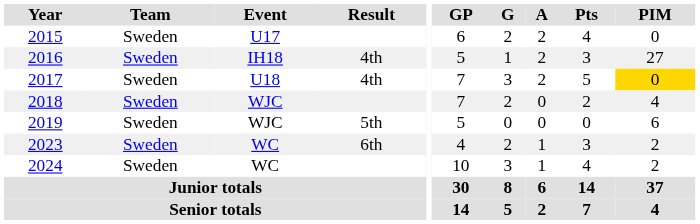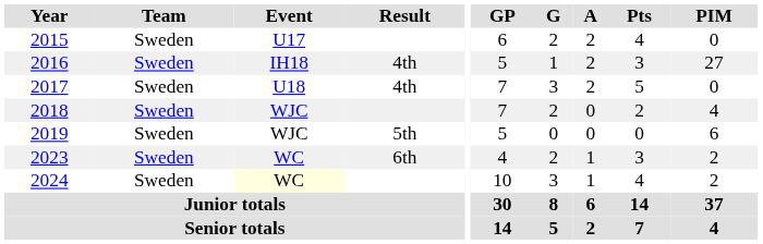 <table border="0" cellpadding="1" cellspacing="0" ID="Table3" style="text-align:center; width:40em;">
 <tr bgcolor="#e0e0e0">
 <th>Year</th>
 <th>Team</th>
 <th>Event</th>
 <th>Result</th>
 <th rowspan="99" bgcolor="#ffffff"></th>
 <th>GP</th>
 <th>G</th>
 <th>A</th>
 <th>Pts</th>
 <th>PIM</th>
 </tr>
 <tr>
 <td><a href='#'>2015</a></td>
 <td>Sweden</td>
 <td><a href='#'>U17</a></td>
 <td></td>
 <td>6</td>
 <td>2</td>
 <td>2</td>
 <td>4</td>
 <td>0</td>
 </tr>
 <tr bgcolor="#f0f0f0">
 <td><a href='#'>2016</a></td>
 <td><a href='#'>Sweden</a></td>
 <td><a href='#'>IH18</a></td>
 <td>4th</td>
 <td>5</td>
 <td>1</td>
 <td>2</td>
 <td>3</td>
 <td>27</td>
 </tr>
 <tr>
 <td><a href='#'>2017</a></td>
 <td>Sweden</td>
 <td><a href='#'>U18</a></td>
 <td>4th</td>
 <td>7</td>
 <td>3</td>
 <td>2</td>
 <td>5</td>
-<td style="background: gold;">0</td>
+<td>0</td>
 </tr>
 <tr bgcolor="#f0f0f0">
 <td><a href='#'>2018</a></td>
 <td><a href='#'>Sweden</a></td>
 <td><a href='#'>WJC</a></td>
 <td></td>
 <td>7</td>
 <td>2</td>
 <td>0</td>
 <td>2</td>
 <td>4</td>
 </tr>
 <tr>
 <td><a href='#'>2019</a></td>
 <td>Sweden</td>
 <td>WJC</td>
 <td>5th</td>
 <td>5</td>
 <td>0</td>
 <td>0</td>
 <td>0</td>
 <td>6</td>
 </tr>
 <tr bgcolor="#f0f0f0">
 <td><a href='#'>2023</a></td>
 <td><a href='#'>Sweden</a></td>
 <td><a href='#'>WC</a></td>
 <td>6th</td>
 <td>4</td>
 <td>2</td>
 <td>1</td>
 <td>3</td>
 <td>2</td>
 </tr>
 <tr>
 <td><a href='#'>2024</a></td>
 <td>Sweden</td>
-<td>WC</td>
+<td style="background: lightyellow;">WC</td>
 <td></td>
 <td>10</td>
 <td>3</td>
 <td>1</td>
 <td>4</td>
 <td>2</td>
 </tr>
 <tr bgcolor="#e0e0e0">
 <th colspan="4">Junior totals</th>
 <th>30</th>
 <th>8</th>
 <th>6</th>
 <th>14</th>
 <th>37</th>
 </tr>
 <tr bgcolor="#e0e0e0">
 <th colspan="4">Senior totals</th>
 <th>14</th>
 <th>5</th>
 <th>2</th>
 <th>7</th>
 <th>4</th>
 </tr>
 </table>
